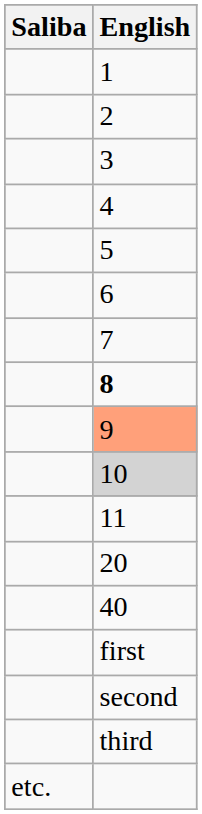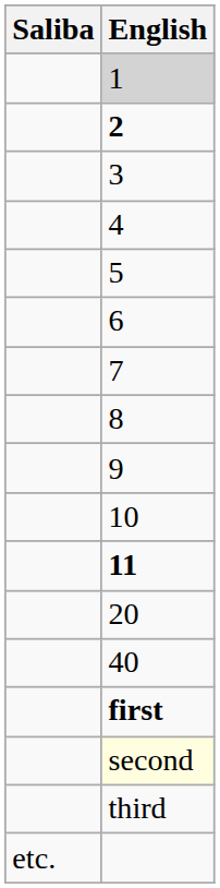 <table class="wikitable">
 <tr>
 <th>Saliba</th>
 <th>English</th>
 </tr>
 <tr>
 <td></td>
-<td>1</td>
+<td style="background: lightgrey;">1</td>
 </tr>
 <tr>
 <td></td>
-<td>2</td>
+<td><strong>2</strong></td>
 </tr>
 <tr>
 <td></td>
 <td>3</td>
 </tr>
 <tr>
 <td></td>
 <td>4</td>
 </tr>
 <tr>
 <td></td>
 <td>5</td>
 </tr>
 <tr>
 <td></td>
 <td>6</td>
 </tr>
 <tr>
 <td></td>
 <td>7</td>
 </tr>
 <tr>
 <td></td>
-<td><strong>8</strong></td>
+<td>8</td>
 </tr>
 <tr>
 <td></td>
-<td style="background: lightsalmon;">9</td>
+<td>9</td>
 </tr>
 <tr>
 <td></td>
-<td style="background: lightgrey;">10</td>
+<td>10</td>
 </tr>
 <tr>
 <td></td>
-<td>11</td>
+<td><strong>11</strong></td>
 </tr>
 <tr>
 <td></td>
 <td>20</td>
 </tr>
 <tr>
 <td></td>
 <td>40</td>
 </tr>
 <tr>
 <td></td>
-<td>first</td>
+<td><strong>first</strong></td>
 </tr>
 <tr>
 <td></td>
-<td>second</td>
+<td style="background: lightyellow;">second</td>
 </tr>
 <tr>
 <td></td>
 <td>third</td>
 </tr>
 <tr>
 <td>etc.</td>
 <td></td>
 </tr>
 </table>
